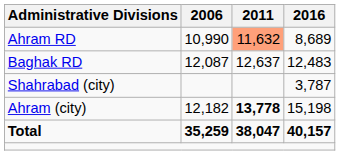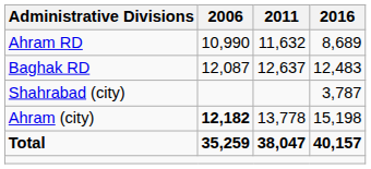 <table class="wikitable">
 <tr>
 <th>Administrative Divisions</th>
 <th>2006</th>
 <th>2011</th>
 <th>2016</th>
 </tr>
 <tr>
 <td><a href='#'>Ahram RD</a></td>
 <td style="text-align: right;">10,990</td>
-<td style="background: lightsalmon; text-align: right;">11,632</td>
+<td style="text-align: right;">11,632</td>
 <td style="text-align: right;">8,689</td>
 </tr>
 <tr>
 <td><a href='#'>Baghak RD</a></td>
 <td style="text-align: right;">12,087</td>
 <td style="text-align: right;">12,637</td>
 <td style="text-align: right;">12,483</td>
 </tr>
 <tr>
 <td><a href='#'>Shahrabad</a> (city)</td>
 <td style="text-align: right;"></td>
 <td style="text-align: right;"></td>
 <td style="text-align: right;">3,787</td>
 </tr>
 <tr>
 <td><a href='#'>Ahram</a> (city)</td>
-<td style="text-align: right;">12,182</td>
-<td style="text-align: right;"><strong>13,778</strong></td>
+<td style="text-align: right;"><strong>12,182</strong></td>
+<td style="text-align: right;">13,778</td>
 <td style="text-align: right;">15,198</td>
 </tr>
 <tr>
 <td><strong>Total</strong></td>
 <td style="text-align: right;"><strong>35,259</strong></td>
 <td style="text-align: right;"><strong>38,047</strong></td>
 <td style="text-align: right;"><strong>40,157</strong></td>
 </tr>
 <tr>
 <td colspan=4></td>
 </tr>
 </table>
